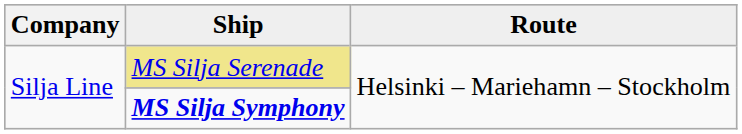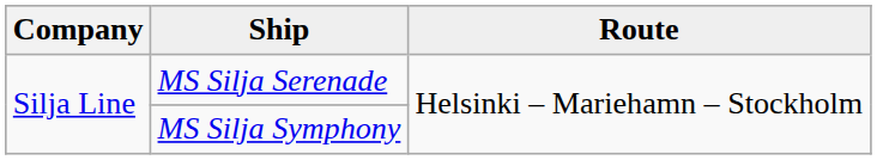 <table class="wikitable">
 <tr>
 <th>Company</th>
 <th style="background: #efefef; border-bottom: 1px;">Ship</th>
 <th style="background: #efefef; border-bottom: 1px;">Route</th>
 </tr>
 <tr>
 <td rowspan="2"> <a href='#'>Silja Line</a></td>
-<td rowspan="1" style="background: khaki;"><em><a href='#'>MS Silja Serenade</a></em></td>
+<td rowspan="1"><em><a href='#'>MS Silja Serenade</a></em></td>
 <td rowspan="2">Helsinki – Mariehamn – Stockholm</td>
 </tr>
 <tr>
-<td rowspan="1"><strong><em><a href='#'>MS Silja Symphony</a></em></strong></td>
+<td rowspan="1"><em><a href='#'>MS Silja Symphony</a></em></td>
 </tr>
 </table>
